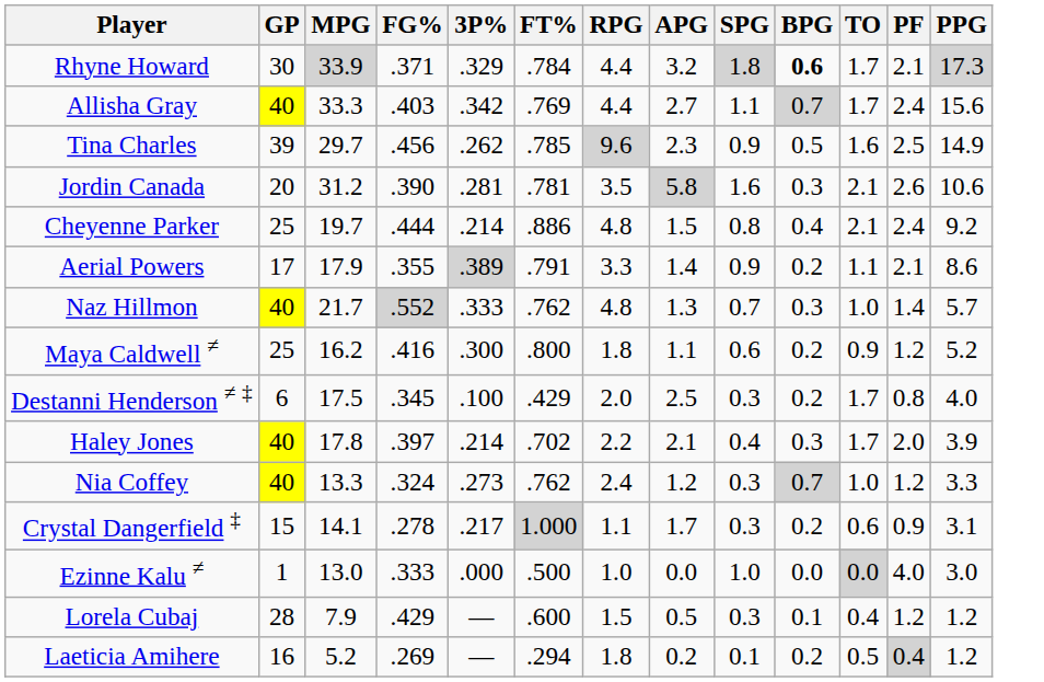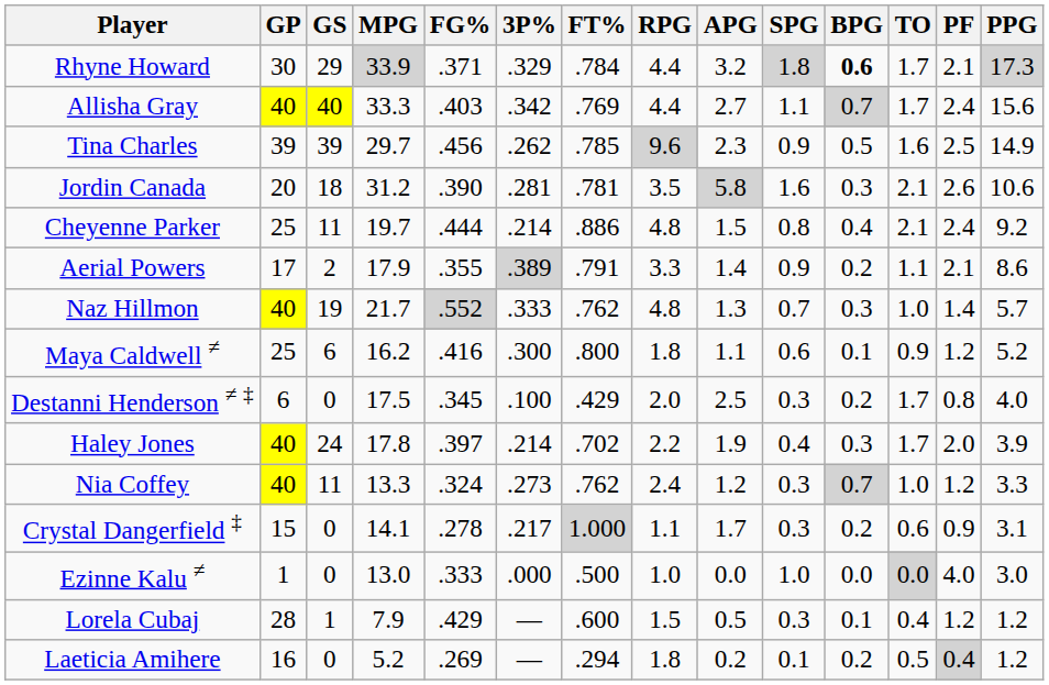 <table class="wikitable sortable" style="text-align:center;">
 <tr>
 <th>Player</th>
 <th>GP</th>
+<th>GS</th>
 <th>MPG</th>
 <th>FG%</th>
 <th>3P%</th>
 <th>FT%</th>
 <th>RPG</th>
 <th>APG</th>
 <th>SPG</th>
 <th>BPG</th>
 <th>TO</th>
 <th>PF</th>
 <th>PPG</th>
 </tr>
 <tr>
 <td><a href='#'>Rhyne Howard</a></td>
 <td>30</td>
+<td>29</td>
 <td style="background:#D3D3D3;">33.9</td>
 <td>.371</td>
 <td>.329</td>
 <td>.784</td>
 <td>4.4</td>
 <td>3.2</td>
 <td style="background:#D3D3D3;">1.8</td>
 <td><strong>0.6</strong></td>
 <td>1.7</td>
 <td>2.1</td>
 <td style="background:#D3D3D3;">17.3</td>
 </tr>
 <tr>
 <td><a href='#'>Allisha Gray</a></td>
+<td style="background:yellow;">40</td>
 <td style="background:yellow;">40</td>
 <td>33.3</td>
 <td>.403</td>
 <td>.342</td>
 <td>.769</td>
 <td>4.4</td>
 <td>2.7</td>
 <td>1.1</td>
 <td style="background:#D3D3D3;">0.7</td>
 <td>1.7</td>
 <td>2.4</td>
 <td>15.6</td>
 </tr>
 <tr>
 <td><a href='#'>Tina Charles</a></td>
 <td>39</td>
+<td>39</td>
 <td>29.7</td>
 <td>.456</td>
 <td>.262</td>
 <td>.785</td>
 <td style="background:#D3D3D3;">9.6</td>
 <td>2.3</td>
 <td>0.9</td>
 <td>0.5</td>
 <td>1.6</td>
 <td>2.5</td>
 <td>14.9</td>
 </tr>
 <tr>
 <td><a href='#'>Jordin Canada</a></td>
 <td>20</td>
+<td>18</td>
 <td>31.2</td>
 <td>.390</td>
 <td>.281</td>
 <td>.781</td>
 <td>3.5</td>
 <td style="background:#D3D3D3;">5.8</td>
 <td>1.6</td>
 <td>0.3</td>
 <td>2.1</td>
 <td>2.6</td>
 <td>10.6</td>
 </tr>
 <tr>
 <td><a href='#'>Cheyenne Parker</a></td>
 <td>25</td>
+<td>11</td>
 <td>19.7</td>
 <td>.444</td>
 <td>.214</td>
 <td>.886</td>
 <td>4.8</td>
 <td>1.5</td>
 <td>0.8</td>
 <td>0.4</td>
 <td>2.1</td>
 <td>2.4</td>
 <td>9.2</td>
 </tr>
 <tr>
 <td><a href='#'>Aerial Powers</a></td>
 <td>17</td>
+<td>2</td>
 <td>17.9</td>
 <td>.355</td>
 <td style="background:#D3D3D3;">.389</td>
 <td>.791</td>
 <td>3.3</td>
 <td>1.4</td>
 <td>0.9</td>
 <td>0.2</td>
 <td>1.1</td>
 <td>2.1</td>
 <td>8.6</td>
 </tr>
 <tr>
 <td><a href='#'>Naz Hillmon</a></td>
 <td style="background:yellow;">40</td>
+<td>19</td>
 <td>21.7</td>
 <td style="background:#D3D3D3;">.552</td>
 <td>.333</td>
 <td>.762</td>
 <td>4.8</td>
 <td>1.3</td>
 <td>0.7</td>
 <td>0.3</td>
 <td>1.0</td>
 <td>1.4</td>
 <td>5.7</td>
 </tr>
 <tr>
 <td><a href='#'>Maya Caldwell</a> <sup>≠</sup></td>
 <td>25</td>
+<td>6</td>
 <td>16.2</td>
 <td>.416</td>
 <td>.300</td>
 <td>.800</td>
 <td>1.8</td>
 <td>1.1</td>
 <td>0.6</td>
-<td>0.2</td>
+<td>0.1</td>
 <td>0.9</td>
 <td>1.2</td>
 <td>5.2</td>
 </tr>
 <tr>
 <td><a href='#'>Destanni Henderson</a> <sup>≠</sup> <sup>‡</sup></td>
 <td>6</td>
+<td>0</td>
 <td>17.5</td>
 <td>.345</td>
 <td>.100</td>
 <td>.429</td>
 <td>2.0</td>
 <td>2.5</td>
 <td>0.3</td>
 <td>0.2</td>
 <td>1.7</td>
 <td>0.8</td>
 <td>4.0</td>
 </tr>
 <tr>
 <td><a href='#'>Haley Jones</a></td>
 <td style="background:yellow;">40</td>
+<td>24</td>
 <td>17.8</td>
 <td>.397</td>
 <td>.214</td>
 <td>.702</td>
 <td>2.2</td>
-<td>2.1</td>
+<td>1.9</td>
 <td>0.4</td>
 <td>0.3</td>
 <td>1.7</td>
 <td>2.0</td>
 <td>3.9</td>
 </tr>
 <tr>
 <td><a href='#'>Nia Coffey</a></td>
 <td style="background:yellow;">40</td>
+<td>11</td>
 <td>13.3</td>
 <td>.324</td>
 <td>.273</td>
 <td>.762</td>
 <td>2.4</td>
 <td>1.2</td>
 <td>0.3</td>
 <td style="background:#D3D3D3;">0.7</td>
 <td>1.0</td>
 <td>1.2</td>
 <td>3.3</td>
 </tr>
 <tr>
 <td><a href='#'>Crystal Dangerfield</a> <sup>‡</sup></td>
 <td>15</td>
+<td>0</td>
 <td>14.1</td>
 <td>.278</td>
 <td>.217</td>
 <td style="background:#D3D3D3;">1.000</td>
 <td>1.1</td>
 <td>1.7</td>
 <td>0.3</td>
 <td>0.2</td>
 <td>0.6</td>
 <td>0.9</td>
 <td>3.1</td>
 </tr>
 <tr>
 <td><a href='#'>Ezinne Kalu</a> <sup>≠</sup></td>
 <td>1</td>
+<td>0</td>
 <td>13.0</td>
 <td>.333</td>
 <td>.000</td>
 <td>.500</td>
 <td>1.0</td>
 <td>0.0</td>
 <td>1.0</td>
 <td>0.0</td>
 <td style="background:#D3D3D3;">0.0</td>
 <td>4.0</td>
 <td>3.0</td>
 </tr>
 <tr>
 <td><a href='#'>Lorela Cubaj</a></td>
 <td>28</td>
+<td>1</td>
 <td>7.9</td>
 <td>.429</td>
 <td>—</td>
 <td>.600</td>
 <td>1.5</td>
 <td>0.5</td>
 <td>0.3</td>
 <td>0.1</td>
 <td>0.4</td>
 <td>1.2</td>
 <td>1.2</td>
 </tr>
 <tr>
 <td><a href='#'>Laeticia Amihere</a></td>
 <td>16</td>
+<td>0</td>
 <td>5.2</td>
 <td>.269</td>
 <td>—</td>
 <td>.294</td>
 <td>1.8</td>
 <td>0.2</td>
 <td>0.1</td>
 <td>0.2</td>
 <td>0.5</td>
 <td style="background:#D3D3D3;">0.4</td>
 <td>1.2</td>
 </tr>
 </table>
